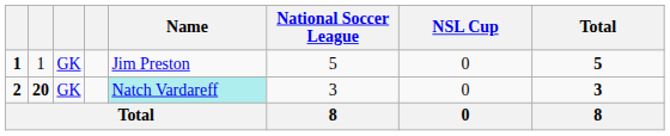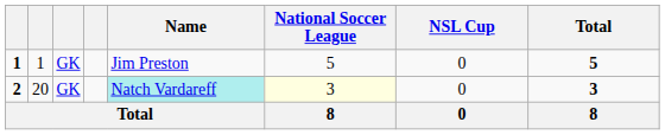 <table class="wikitable" style="text-align:center">
 <tr>
 <th width=15></th>
 <th width=15></th>
 <th width=15></th>
 <th width=15></th>
 <th width=145>Name</th>
 <th width=120><a href='#'>National Soccer League</a></th>
 <th width=120><a href='#'>NSL Cup</a></th>
 <th width=120>Total</th>
 </tr>
 <tr>
 <td><strong>1</strong></td>
 <td>1</td>
 <td><a href='#'>GK</a></td>
 <td></td>
 <td align=left><a href='#'>Jim Preston</a></td>
 <td>5</td>
 <td>0</td>
 <td><strong>5</strong></td>
 </tr>
 <tr>
 <td><strong>2</strong></td>
-<td><strong>20</strong></td>
+<td>20</td>
 <td><a href='#'>GK</a></td>
 <td></td>
 <td align=left style="background: paleturquoise;"><a href='#'>Natch Vardareff</a></td>
-<td>3</td>
+<td style="background: lightyellow;">3</td>
 <td>0</td>
 <td><strong>3</strong></td>
 </tr>
 <tr>
 <th colspan="5"><strong>Total</strong></th>
 <th>8</th>
 <th>0</th>
 <th>8</th>
 </tr>
 </table>
